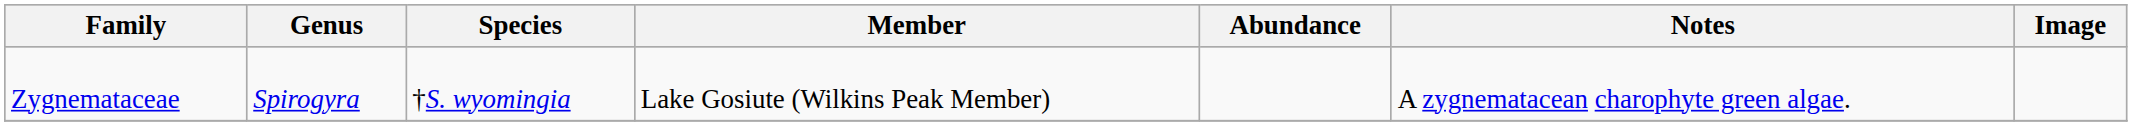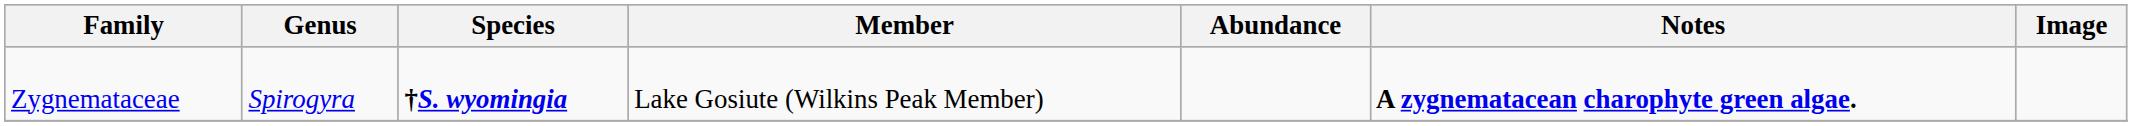 <table class="wikitable" style="margin:auto;width:100%;">
 <tr>
 <th>Family</th>
 <th>Genus</th>
 <th>Species</th>
 <th>Member</th>
 <th>Abundance</th>
 <th>Notes</th>
 <th>Image</th>
 </tr>
 <tr>
 <td><br><a href='#'>Zygnemataceae</a></td>
 <td><br><em><a href='#'>Spirogyra</a></em></td>
-<td><br>†<em><a href='#'>S. wyomingia</a></em> </td>
+<td><strong><br>†<em><a href='#'>S. wyomingia</a></em> </strong></td>
 <td><br>Lake Gosiute (Wilkins Peak Member)</td>
 <td></td>
-<td><br>A <a href='#'>zygnematacean</a> <a href='#'>charophyte green algae</a>.</td>
+<td><strong><br>A <a href='#'>zygnematacean</a> <a href='#'>charophyte green algae</a>.</strong></td>
 <td></td>
 </tr>
 <tr>
 </tr>
 </table>
